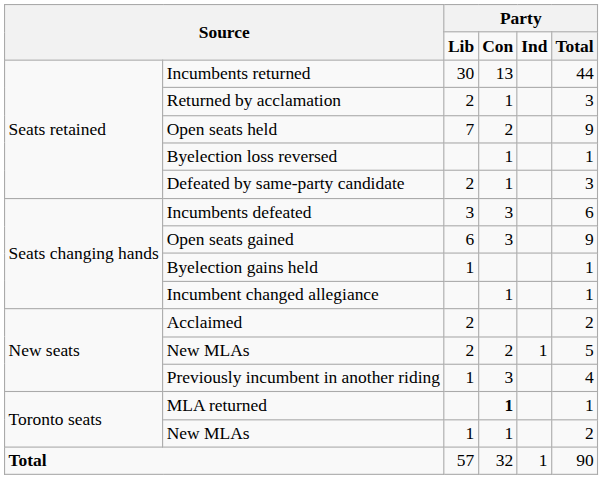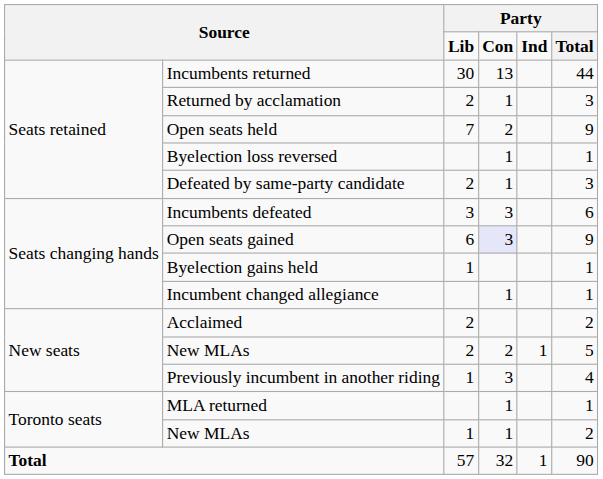 <table class="wikitable" style="text-align:right;">
 <tr>
 <th colspan="2" rowspan="2">Source</th>
 <th colspan="4">Party</th>
 </tr>
 <tr>
 <td><strong>Lib</strong></td>
 <td><strong>Con</strong></td>
 <td><strong>Ind</strong></td>
 <th>Total</th>
 </tr>
 <tr>
 <td rowspan="5" style="text-align:left;">Seats retained</td>
 <td style="text-align:left;">Incumbents returned</td>
 <td>30</td>
 <td>13</td>
 <td></td>
 <td>44</td>
 </tr>
 <tr>
 <td style="text-align:left;">Returned by acclamation</td>
 <td>2</td>
 <td>1</td>
 <td></td>
 <td>3</td>
 </tr>
 <tr>
 <td style="text-align:left;">Open seats held</td>
 <td>7</td>
 <td>2</td>
 <td></td>
 <td>9</td>
 </tr>
 <tr>
 <td style="text-align:left;">Byelection loss reversed</td>
 <td></td>
 <td>1</td>
 <td></td>
 <td>1</td>
 </tr>
 <tr>
 <td style="text-align:left;">Defeated by same-party candidate</td>
 <td>2</td>
 <td>1</td>
 <td></td>
 <td>3</td>
 </tr>
 <tr>
 <td rowspan="4" style="text-align:left;">Seats changing hands</td>
 <td style="text-align:left;">Incumbents defeated</td>
 <td>3</td>
 <td>3</td>
 <td></td>
 <td>6</td>
 </tr>
 <tr>
 <td style="text-align:left;">Open seats gained</td>
 <td>6</td>
-<td>3</td>
+<td style="background: lavender;">3</td>
 <td></td>
 <td>9</td>
 </tr>
 <tr>
 <td style="text-align:left;">Byelection gains held</td>
 <td>1</td>
 <td></td>
 <td></td>
 <td>1</td>
 </tr>
 <tr>
 <td style="text-align:left;">Incumbent changed allegiance</td>
 <td></td>
 <td>1</td>
 <td></td>
 <td>1</td>
 </tr>
 <tr>
 <td rowspan="3" style="text-align:left;">New seats</td>
 <td style="text-align:left;">Acclaimed</td>
 <td>2</td>
 <td></td>
 <td></td>
 <td>2</td>
 </tr>
 <tr>
 <td style="text-align:left;">New MLAs</td>
 <td>2</td>
 <td>2</td>
 <td>1</td>
 <td>5</td>
 </tr>
 <tr>
 <td style="text-align:left;">Previously incumbent in another riding</td>
 <td>1</td>
 <td>3</td>
 <td></td>
 <td>4</td>
 </tr>
 <tr>
 <td rowspan="2" style="text-align:left;">Toronto seats</td>
 <td style="text-align:left;">MLA returned</td>
 <td></td>
-<td><strong>1</strong></td>
+<td>1</td>
 <td></td>
 <td>1</td>
 </tr>
 <tr>
 <td style="text-align:left;">New MLAs</td>
 <td>1</td>
 <td>1</td>
 <td></td>
 <td>2</td>
 </tr>
 <tr>
 <td colspan="2" style="text-align:left;"><strong>Total</strong></td>
 <td>57</td>
 <td>32</td>
 <td>1</td>
 <td>90</td>
 </tr>
 </table>
